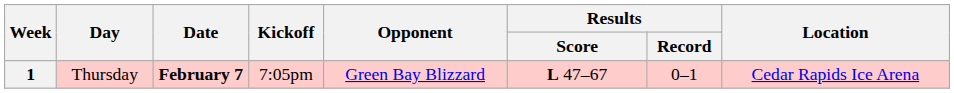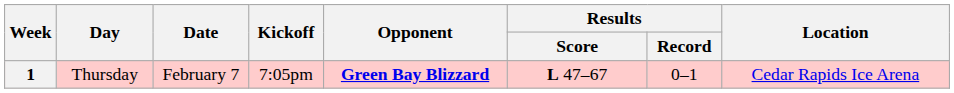 <table class="wikitable">
 <tr>
 <th rowspan="2" width="40">Week</th>
 <th rowspan="2" width="80">Day</th>
 <th rowspan="2" width="80">Date</th>
 <th rowspan="2" width="60">Kickoff</th>
 <th rowspan="2" width="160">Opponent</th>
 <th colspan="2" width="180">Results</th>
 <th rowspan="2" width="200">Location</th>
 </tr>
 <tr>
 <th width="120">Score</th>
 <th width="60">Record</th>
 </tr>
 <tr align="center" bgcolor="#FFCCCC">
 <th>1</th>
 <td>Thursday</td>
-<td><strong>February 7</strong></td>
+<td>February 7</td>
 <td>7:05pm</td>
-<td><a href='#'>Green Bay Blizzard</a></td>
+<td><strong><a href='#'>Green Bay Blizzard</a></strong></td>
 <td><strong>L</strong> 47–67</td>
 <td>0–1</td>
 <td><a href='#'>Cedar Rapids Ice Arena</a></td>
 </tr>
 </table>
